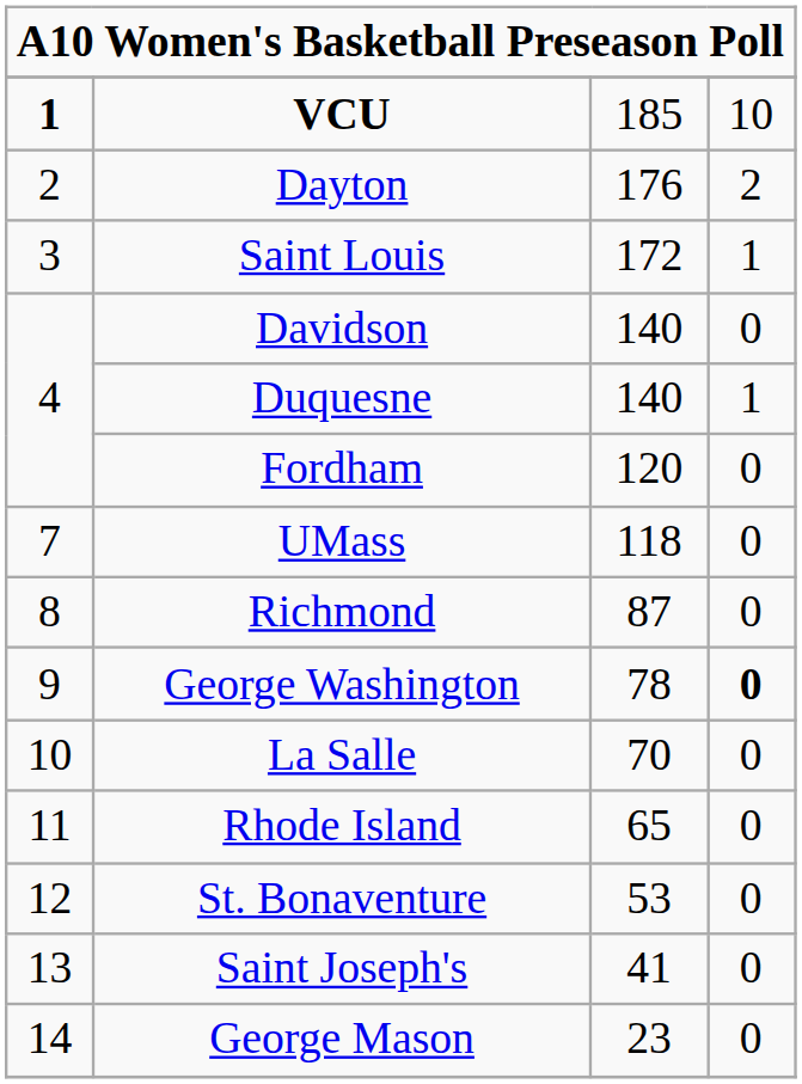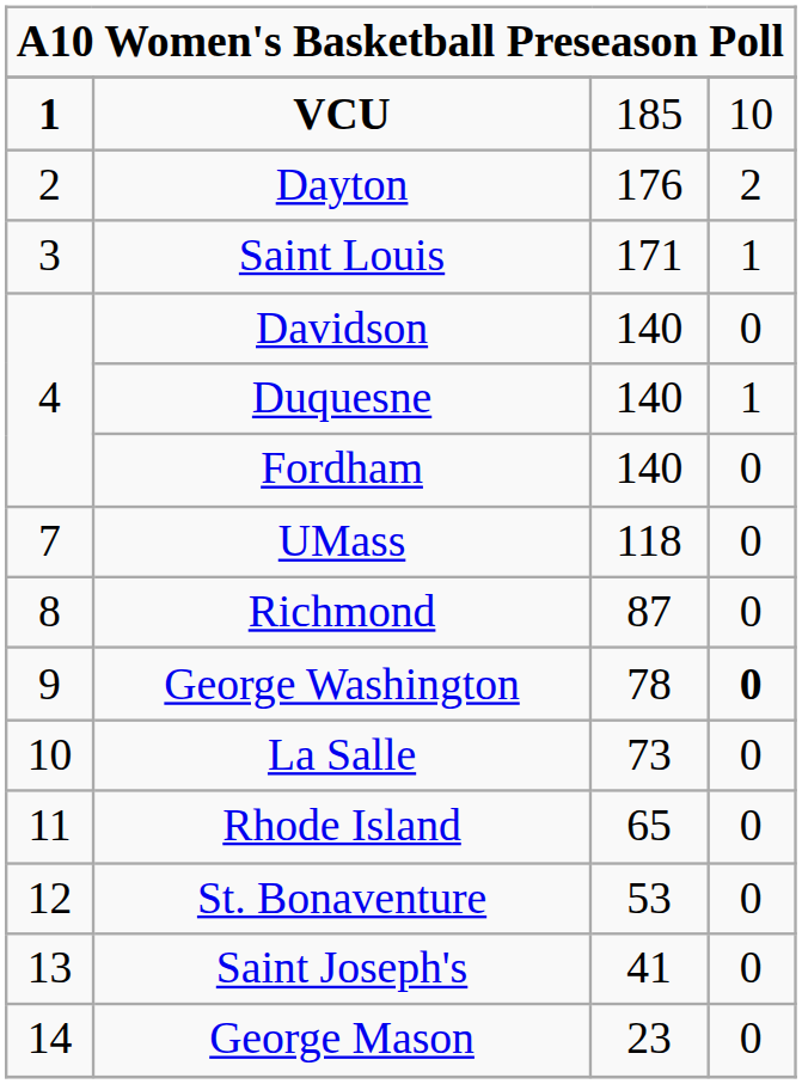 <table class="wikitable" style="display: inline-table;">
 <tr>
 <td align="center" Colspan="4"><strong>A10 Women's Basketball Preseason Poll</strong></td>
 </tr>
 <tr align="center">
 </tr>
 <tr align="center">
 <td><strong>1</strong></td>
 <td><strong>VCU</strong></td>
 <td>185</td>
 <td>10</td>
 </tr>
 <tr align="center">
 <td>2</td>
 <td><a href='#'>Dayton</a></td>
 <td>176</td>
 <td>2</td>
 </tr>
 <tr align="center">
 <td>3</td>
 <td><a href='#'>Saint Louis</a></td>
-<td>172</td>
+<td>171</td>
 <td>1</td>
 </tr>
 <tr align="center">
 <td rowspan="3">4</td>
 <td><a href='#'>Davidson</a></td>
 <td>140</td>
 <td>0</td>
 </tr>
 <tr align="center">
 <td><a href='#'>Duquesne</a></td>
 <td>140</td>
 <td>1</td>
 </tr>
 <tr align="center">
 <td><a href='#'>Fordham</a></td>
-<td>120</td>
+<td>140</td>
 <td>0</td>
 </tr>
 <tr align="center">
 <td>7</td>
 <td><a href='#'>UMass</a></td>
 <td>118</td>
 <td>0</td>
 </tr>
 <tr align="center">
 <td>8</td>
 <td><a href='#'>Richmond</a></td>
 <td>87</td>
 <td>0</td>
 </tr>
 <tr align="center">
 <td>9</td>
 <td><a href='#'>George Washington</a></td>
 <td>78</td>
 <td><strong>0</strong></td>
 </tr>
 <tr align="center">
 <td>10</td>
 <td><a href='#'>La Salle</a></td>
-<td>70</td>
+<td>73</td>
 <td>0</td>
 </tr>
 <tr align="center">
 <td>11</td>
 <td><a href='#'>Rhode Island</a></td>
 <td>65</td>
 <td>0</td>
 </tr>
 <tr align="center">
 <td>12</td>
 <td><a href='#'>St. Bonaventure</a></td>
 <td>53</td>
 <td>0</td>
 </tr>
 <tr align="center">
 <td>13</td>
 <td><a href='#'>Saint Joseph's</a></td>
 <td>41</td>
 <td>0</td>
 </tr>
 <tr align="center">
 <td>14</td>
 <td><a href='#'>George Mason</a></td>
 <td>23</td>
 <td>0</td>
 </tr>
 <tr>
 </tr>
 </table>
